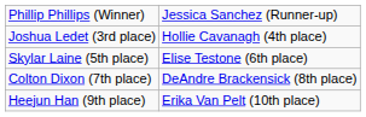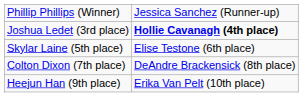 <table class="wikitable">
 <tr>
 <td><a href='#'>Phillip Phillips</a>  (Winner)</td>
 <td><a href='#'>Jessica Sanchez</a> (Runner-up)</td>
 </tr>
 <tr>
 <td><a href='#'>Joshua Ledet</a> (3rd place)</td>
-<td><a href='#'>Hollie Cavanagh</a> (4th place)</td>
+<td><strong><a href='#'>Hollie Cavanagh</a> (4th place)</strong></td>
 </tr>
 <tr>
 <td><a href='#'>Skylar Laine</a> (5th place)</td>
 <td><a href='#'>Elise Testone</a> (6th place)</td>
 </tr>
 <tr>
 <td><a href='#'>Colton Dixon</a> (7th place)</td>
 <td><a href='#'>DeAndre Brackensick</a> (8th place)</td>
 </tr>
 <tr>
 <td><a href='#'>Heejun Han</a> (9th place)</td>
 <td><a href='#'>Erika Van Pelt</a> (10th place)</td>
 </tr>
 </table>
